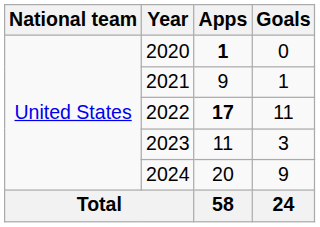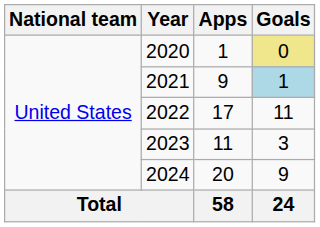 <table class="wikitable" style="text-align:center">
 <tr>
 <th>National team</th>
 <th>Year</th>
 <th>Apps</th>
 <th>Goals</th>
 </tr>
 <tr>
 <td rowspan=5><a href='#'>United States</a></td>
 <td>2020</td>
-<td><strong>1</strong></td>
-<td>0</td>
+<td>1</td>
+<td style="background: khaki;">0</td>
 </tr>
 <tr>
 <td>2021</td>
 <td>9</td>
-<td>1</td>
+<td style="background: lightblue;">1</td>
 </tr>
 <tr>
 <td>2022</td>
-<td><strong>17</strong></td>
+<td>17</td>
 <td>11</td>
 </tr>
 <tr>
 <td>2023</td>
 <td>11</td>
 <td>3</td>
 </tr>
 <tr>
 <td>2024</td>
 <td>20</td>
 <td>9</td>
 </tr>
 <tr>
 <th colspan=2>Total</th>
 <th>58</th>
 <th>24</th>
 </tr>
 </table>
